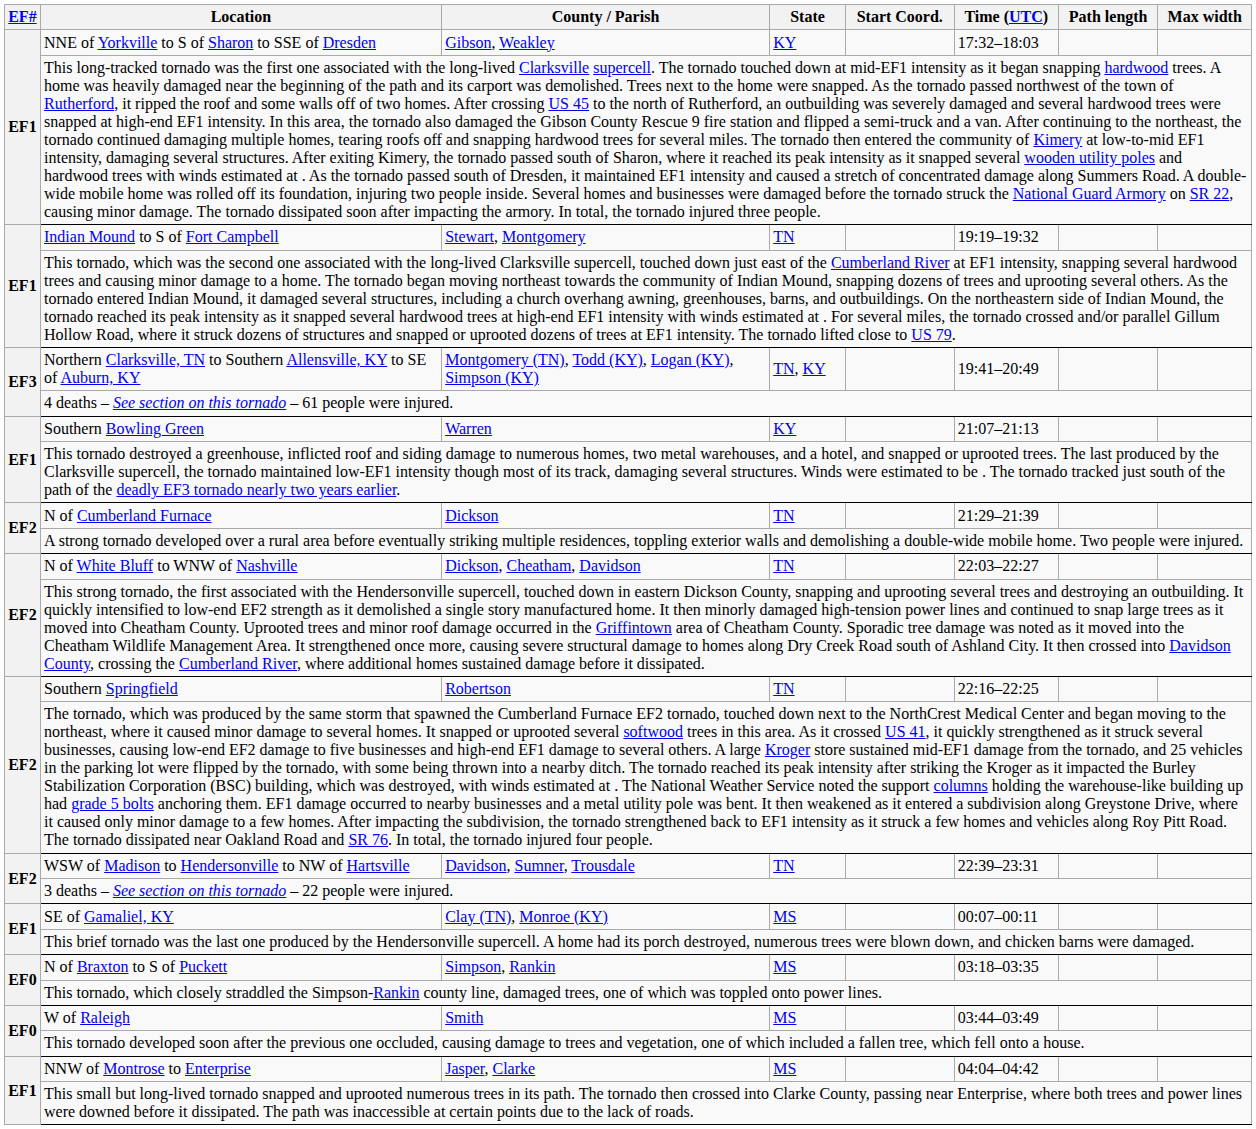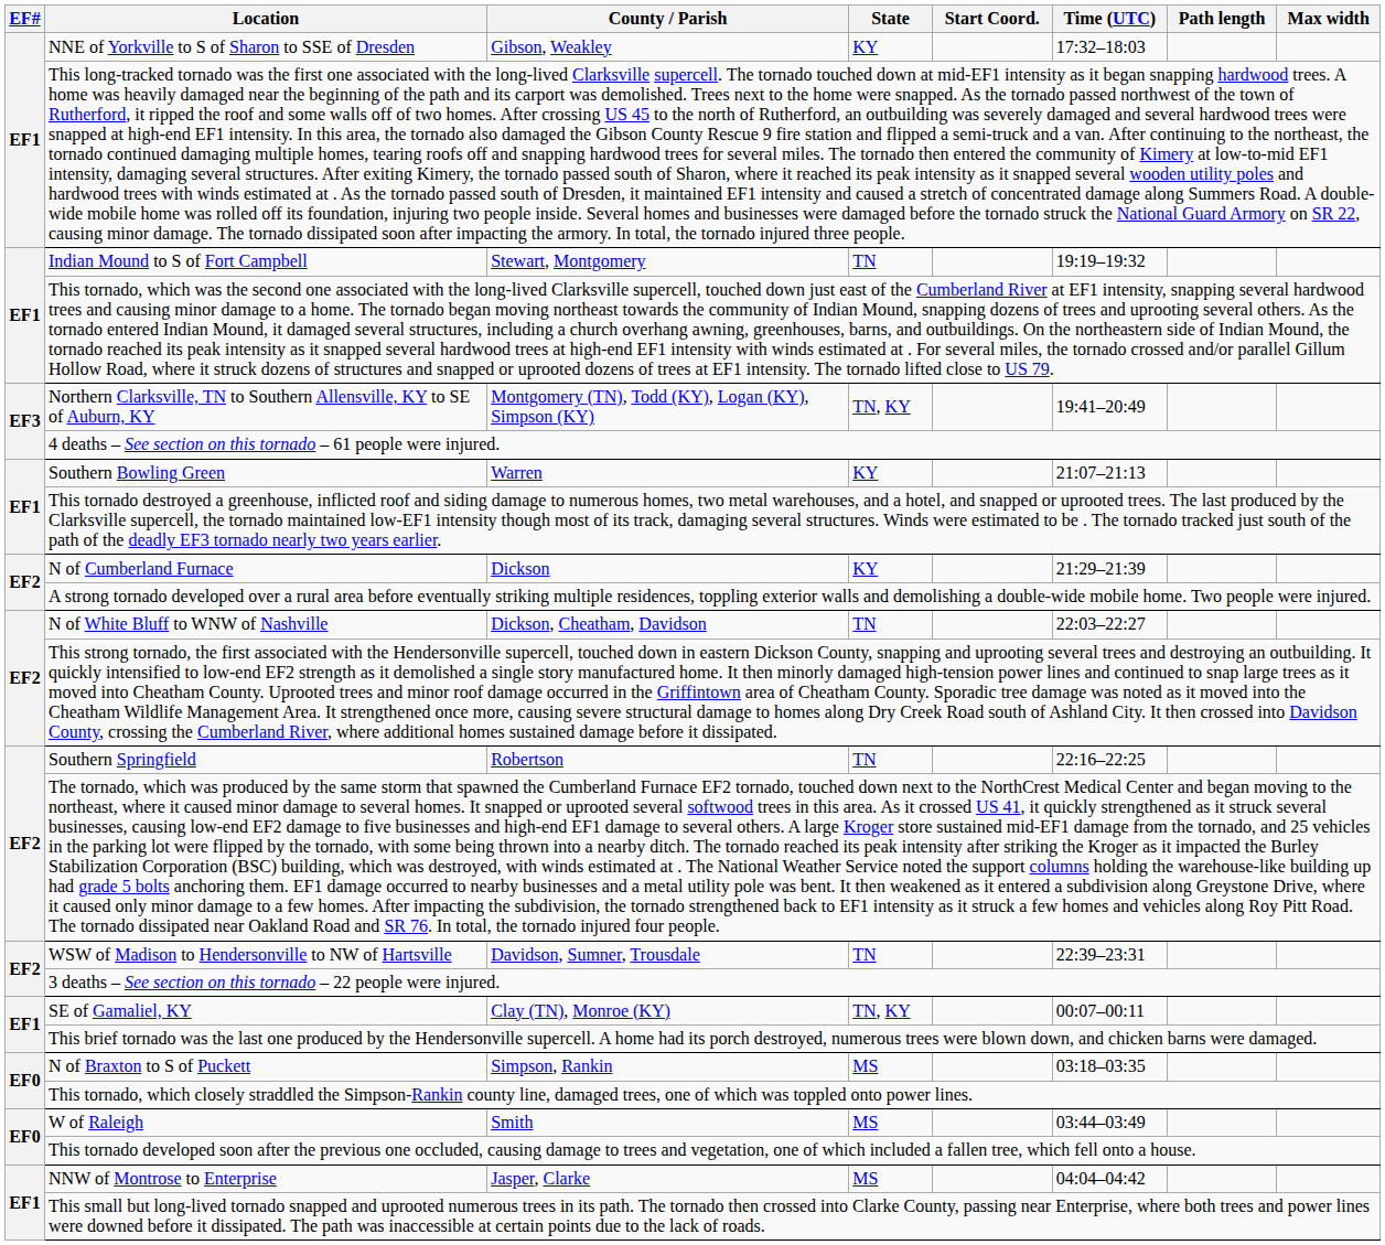 <table class="wikitable sortable">
 <tr>
 <th scope="col" width="2%" align="center"><a href='#'>EF#</a></th>
 <th scope="col" align="center" class="unsortable">Location</th>
 <th scope="col" align="center" class="unsortable">County / Parish</th>
 <th scope="col" align="center">State</th>
 <th scope="col" align="center">Start Coord.</th>
 <th scope="col" align="center">Time (<a href='#'>UTC</a>)</th>
 <th scope="col" align="center">Path length</th>
 <th scope="col" align="center">Max width</th>
 </tr>
 <tr>
 <th scope="row" rowspan="2" style="background-color:#">EF1</th>
 <td>NNE of <a href='#'>Yorkville</a> to S of <a href='#'>Sharon</a> to SSE of <a href='#'>Dresden</a></td>
 <td><a href='#'>Gibson</a>, <a href='#'>Weakley</a></td>
 <td><a href='#'>KY</a></td>
 <td></td>
 <td>17:32–18:03</td>
 <td></td>
 <td></td>
 </tr>
 <tr class="expand-child">
 <td colspan="8" style=" border-bottom: 1px solid black;">This long-tracked tornado was the first one associated with the long-lived <a href='#'>Clarksville</a> <a href='#'>supercell</a>. The tornado touched down at mid-EF1 intensity as it began snapping <a href='#'>hardwood</a> trees. A home was heavily damaged near the beginning of the path and its carport was demolished. Trees next to the home were snapped. As the tornado passed northwest of the town of <a href='#'>Rutherford</a>, it ripped the roof and some walls off of two homes. After crossing <a href='#'>US 45</a> to the north of Rutherford, an outbuilding was severely damaged and several hardwood trees were snapped at high-end EF1 intensity. In this area, the tornado also damaged the Gibson County Rescue 9 fire station and flipped a semi-truck and a van. After continuing to the northeast, the tornado continued damaging multiple homes, tearing roofs off and snapping hardwood trees for several miles. The tornado then entered the community of <a href='#'>Kimery</a> at low-to-mid EF1 intensity, damaging several structures. After exiting Kimery, the tornado passed south of Sharon, where it reached its peak intensity as it snapped several <a href='#'>wooden utility poles</a> and hardwood trees with winds estimated at . As the tornado passed south of Dresden, it maintained EF1 intensity and caused a stretch of concentrated damage along Summers Road. A double-wide mobile home was rolled off its foundation, injuring two people inside. Several homes and businesses were damaged before the tornado struck the <a href='#'>National Guard Armory</a> on <a href='#'>SR 22</a>, causing minor damage. The tornado dissipated soon after impacting the armory. In total, the tornado injured three people.</td>
 </tr>
 <tr>
 <th scope="row" rowspan="2" style="background-color:#">EF1</th>
 <td><a href='#'>Indian Mound</a> to S of <a href='#'>Fort Campbell</a></td>
 <td><a href='#'>Stewart</a>, <a href='#'>Montgomery</a></td>
 <td><a href='#'>TN</a></td>
 <td></td>
 <td>19:19–19:32</td>
 <td></td>
 <td></td>
 </tr>
 <tr class="expand-child">
 <td colspan="8" style=" border-bottom: 1px solid black;">This tornado, which was the second one associated with the long-lived Clarksville supercell, touched down just east of the <a href='#'>Cumberland River</a> at EF1 intensity, snapping several hardwood trees and causing minor damage to a home. The tornado began moving northeast towards the community of Indian Mound, snapping dozens of trees and uprooting several others. As the tornado entered Indian Mound, it damaged several structures, including a church overhang awning, greenhouses, barns, and outbuildings. On the northeastern side of Indian Mound, the tornado reached its peak intensity as it snapped several hardwood trees at high-end EF1 intensity with winds estimated at . For several miles, the tornado crossed and/or parallel Gillum Hollow Road, where it struck dozens of structures and snapped or uprooted dozens of trees at EF1 intensity. The tornado lifted close to <a href='#'>US 79</a>.</td>
 </tr>
 <tr>
 <th scope="row" rowspan="2" style="background-color:#">EF3</th>
 <td>Northern <a href='#'>Clarksville, TN</a> to Southern <a href='#'>Allensville, KY</a> to SE of <a href='#'>Auburn, KY</a></td>
 <td><a href='#'>Montgomery (TN)</a>, <a href='#'>Todd (KY)</a>, <a href='#'>Logan (KY)</a>, <a href='#'>Simpson (KY)</a></td>
 <td><a href='#'>TN</a>, <a href='#'>KY</a></td>
 <td></td>
 <td>19:41–20:49</td>
 <td></td>
 <td></td>
 </tr>
 <tr class="expand-child">
 <td colspan="8" style=" border-bottom: 1px solid black;">4 deaths – <em><a href='#'>See section on this tornado</a></em> – 61 people were injured.</td>
 </tr>
 <tr>
 <th scope="row" rowspan="2" style="background-color:#">EF1</th>
 <td>Southern <a href='#'>Bowling Green</a></td>
 <td><a href='#'>Warren</a></td>
 <td><a href='#'>KY</a></td>
 <td></td>
 <td>21:07–21:13</td>
 <td></td>
 <td></td>
 </tr>
 <tr class="expand-child">
 <td colspan="8" style=" border-bottom: 1px solid black;">This tornado destroyed a greenhouse, inflicted roof and siding damage to numerous homes, two metal warehouses, and a hotel, and snapped or uprooted trees. The last produced by the Clarksville supercell, the tornado maintained low-EF1 intensity though most of its track, damaging several structures. Winds were estimated to be . The tornado tracked just south of the path of the <a href='#'>deadly EF3 tornado nearly two years earlier</a>.</td>
 </tr>
 <tr>
 <th scope="row" rowspan="2" style="background-color:#">EF2</th>
 <td>N of <a href='#'>Cumberland Furnace</a></td>
 <td><a href='#'>Dickson</a></td>
-<td><a href='#'>TN</a></td>
+<td><a href='#'>KY</a></td>
 <td></td>
 <td>21:29–21:39</td>
 <td></td>
 <td></td>
 </tr>
 <tr class="expand-child">
 <td colspan="8" style=" border-bottom: 1px solid black;">A strong tornado developed over a rural area before eventually striking multiple residences, toppling exterior walls and demolishing a double-wide mobile home. Two people were injured.</td>
 </tr>
 <tr>
 <th scope="row" rowspan="2" style="background-color:#">EF2</th>
 <td>N of <a href='#'>White Bluff</a> to WNW of <a href='#'>Nashville</a></td>
 <td><a href='#'>Dickson</a>, <a href='#'>Cheatham</a>, <a href='#'>Davidson</a></td>
 <td><a href='#'>TN</a></td>
 <td></td>
 <td>22:03–22:27</td>
 <td></td>
 <td></td>
 </tr>
 <tr class="expand-child">
 <td colspan="8" style=" border-bottom: 1px solid black;">This strong tornado, the first associated with the Hendersonville supercell, touched down in eastern Dickson County, snapping and uprooting several trees and destroying an outbuilding. It quickly intensified to low-end EF2 strength as it demolished a single story manufactured home. It then minorly damaged high-tension power lines and continued to snap large trees as it moved into Cheatham County. Uprooted trees and minor roof damage occurred in the <a href='#'>Griffintown</a> area of Cheatham County. Sporadic tree damage was noted as it moved into the Cheatham Wildlife Management Area. It strengthened once more, causing severe structural damage to homes along Dry Creek Road south of Ashland City. It then crossed into <a href='#'>Davidson County</a>, crossing the <a href='#'>Cumberland River</a>, where additional homes sustained damage before it dissipated.</td>
 </tr>
 <tr>
 <th scope="row" rowspan="2" style="background-color:#">EF2</th>
 <td>Southern <a href='#'>Springfield</a></td>
 <td><a href='#'>Robertson</a></td>
 <td><a href='#'>TN</a></td>
 <td></td>
 <td>22:16–22:25</td>
 <td></td>
 <td></td>
 </tr>
 <tr class="expand-child">
 <td colspan="8" style=" border-bottom: 1px solid black;">The tornado, which was produced by the same storm that spawned the Cumberland Furnace EF2 tornado, touched down next to the NorthCrest Medical Center and began moving to the northeast, where it caused minor damage to several homes. It snapped or uprooted several <a href='#'>softwood</a> trees in this area. As it crossed <a href='#'>US 41</a>, it quickly strengthened as it struck several businesses, causing low-end EF2 damage to five businesses and high-end EF1 damage to several others. A large <a href='#'>Kroger</a> store sustained mid-EF1 damage from the tornado, and 25 vehicles in the parking lot were flipped by the tornado, with some being thrown into a nearby ditch. The tornado reached its peak intensity after striking the Kroger as it impacted the Burley Stabilization Corporation (BSC) building, which was destroyed, with winds estimated at . The National Weather Service noted the support <a href='#'>columns</a> holding the warehouse-like building up had <a href='#'>grade 5 bolts</a> anchoring them. EF1 damage occurred to nearby businesses and a metal utility pole was bent. It then weakened as it entered a subdivision along Greystone Drive, where it caused only minor damage to a few homes. After impacting the subdivision, the tornado strengthened back to EF1 intensity as it struck a few homes and vehicles along Roy Pitt Road. The tornado dissipated near Oakland Road and <a href='#'>SR 76</a>. In total, the tornado injured four people.</td>
 </tr>
 <tr>
 <th scope="row" rowspan="2" style="background-color:#">EF2</th>
 <td>WSW of <a href='#'>Madison</a> to <a href='#'>Hendersonville</a> to NW of <a href='#'>Hartsville</a></td>
 <td><a href='#'>Davidson</a>, <a href='#'>Sumner</a>, <a href='#'>Trousdale</a></td>
 <td><a href='#'>TN</a></td>
 <td></td>
 <td>22:39–23:31</td>
 <td></td>
 <td></td>
 </tr>
 <tr class="expand-child">
 <td colspan="8" style=" border-bottom: 1px solid black;">3 deaths – <em><a href='#'>See section on this tornado</a></em> – 22 people were injured.</td>
 </tr>
 <tr>
 <th scope="row" rowspan="2" style="background-color:#">EF1</th>
 <td>SE of <a href='#'>Gamaliel, KY</a></td>
 <td><a href='#'>Clay (TN)</a>, <a href='#'>Monroe (KY)</a></td>
-<td><a href='#'>MS</a></td>
+<td><a href='#'>TN</a>, <a href='#'>KY</a></td>
 <td></td>
 <td>00:07–00:11</td>
 <td></td>
 <td></td>
 </tr>
 <tr class="expand-child">
 <td colspan="8" style=" border-bottom: 1px solid black;">This brief tornado was the last one produced by the Hendersonville supercell. A home had its porch destroyed, numerous trees were blown down, and chicken barns were damaged.</td>
 </tr>
 <tr>
 <th scope="row" rowspan="2" style="background-color:#">EF0</th>
 <td>N of <a href='#'>Braxton</a> to S of <a href='#'>Puckett</a></td>
 <td><a href='#'>Simpson</a>, <a href='#'>Rankin</a></td>
 <td><a href='#'>MS</a></td>
 <td></td>
 <td>03:18–03:35</td>
 <td></td>
 <td></td>
 </tr>
 <tr class="expand-child">
 <td colspan="8" style=" border-bottom: 1px solid black;">This tornado, which closely straddled the Simpson-<a href='#'>Rankin</a> county line, damaged trees, one of which was toppled onto power lines.</td>
 </tr>
 <tr>
 <th scope="row" rowspan="2" style="background-color:#">EF0</th>
 <td>W of <a href='#'>Raleigh</a></td>
 <td><a href='#'>Smith</a></td>
 <td><a href='#'>MS</a></td>
 <td></td>
 <td>03:44–03:49</td>
 <td></td>
 <td></td>
 </tr>
 <tr class="expand-child">
 <td colspan="8" style=" border-bottom: 1px solid black;">This tornado developed soon after the previous one occluded, causing damage to trees and vegetation, one of which included a fallen tree, which fell onto a house.</td>
 </tr>
 <tr>
 <th scope="row" rowspan="2" style="background-color:#">EF1</th>
 <td>NNW of <a href='#'>Montrose</a> to <a href='#'>Enterprise</a></td>
 <td><a href='#'>Jasper</a>, <a href='#'>Clarke</a></td>
 <td><a href='#'>MS</a></td>
 <td></td>
 <td>04:04–04:42</td>
 <td></td>
 <td></td>
 </tr>
 <tr class="expand-child">
 <td colspan="8" style=" border-bottom: 1px solid black;">This small but long-lived tornado snapped and uprooted numerous trees in its path. The tornado then crossed into Clarke County, passing near Enterprise, where both trees and power lines were downed before it dissipated. The path was inaccessible at certain points due to the lack of roads.</td>
 </tr>
 </table>
